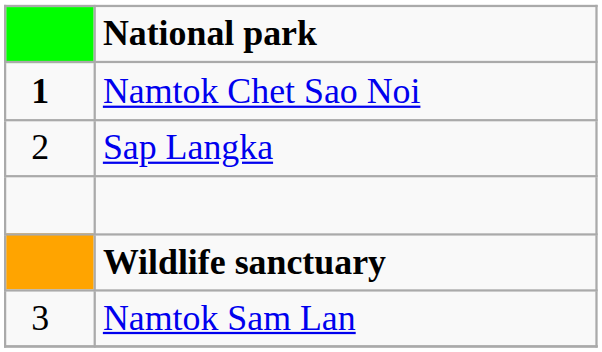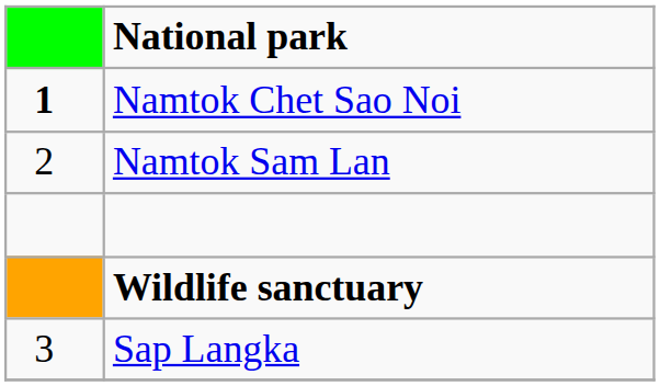 <table class= "wikitable" style= "width:30%; display:inline-table;">
 <tr>
 <td style="width:3%; background:#00FF00;"> </td>
 <td style="width:27%;"><strong>National park</strong></td>
 </tr>
 <tr>
 <td><strong>  1</strong></td>
 <td><a href='#'>Namtok Chet Sao Noi</a></td>
 </tr>
 <tr>
 <td>  2</td>
-<td><a href='#'>Sap Langka</a></td>
+<td><a href='#'>Namtok Sam Lan</a></td>
 </tr>
 <tr>
 <td> </td>
 <td> </td>
 </tr>
 <tr>
 <td style="width:3%; background:#FFA400;"> </td>
 <td style="width:27%;"><strong>Wildlife sanctuary</strong></td>
 </tr>
 <tr>
 <td>  3</td>
-<td><a href='#'>Namtok Sam Lan</a></td>
+<td><a href='#'>Sap Langka</a></td>
 </tr>
 <tr>
 </tr>
 </table>
